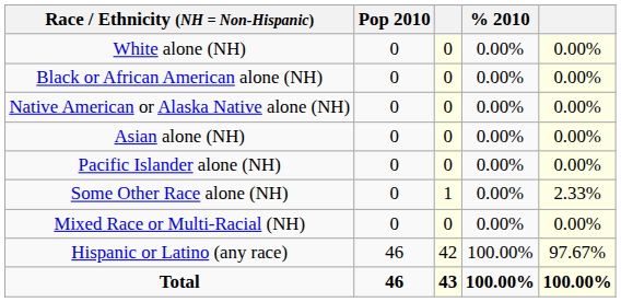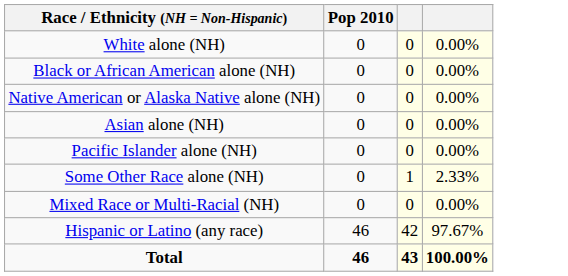 <table class="wikitable" style="text-align:center;">
 <tr>
 <th>Race / Ethnicity <small>(<em>NH = Non-Hispanic</em>)</small></th>
 <th>Pop 2010</th>
 <th></th>
-<th>% 2010</th>
 <th></th>
 </tr>
 <tr>
 <td><a href='#'>White</a> alone (NH)</td>
 <td>0</td>
 <td style='background: #ffffe6;'>0</td>
-<td>0.00%</td>
 <td style='background: #ffffe6;'>0.00%</td>
 </tr>
 <tr>
 <td><a href='#'>Black or African American</a> alone (NH)</td>
 <td>0</td>
 <td style='background: #ffffe6;'>0</td>
-<td>0.00%</td>
 <td style='background: #ffffe6;'>0.00%</td>
 </tr>
 <tr>
 <td><a href='#'>Native American</a> or <a href='#'>Alaska Native</a> alone (NH)</td>
 <td>0</td>
 <td style='background: #ffffe6;'>0</td>
-<td>0.00%</td>
 <td style='background: #ffffe6;'>0.00%</td>
 </tr>
 <tr>
 <td><a href='#'>Asian</a> alone (NH)</td>
 <td>0</td>
 <td style='background: #ffffe6;'>0</td>
-<td>0.00%</td>
 <td style='background: #ffffe6;'>0.00%</td>
 </tr>
 <tr>
 <td><a href='#'>Pacific Islander</a> alone (NH)</td>
 <td>0</td>
 <td style='background: #ffffe6;'>0</td>
-<td>0.00%</td>
 <td style='background: #ffffe6;'>0.00%</td>
 </tr>
 <tr>
 <td><a href='#'>Some Other Race</a> alone (NH)</td>
 <td>0</td>
 <td style='background: #ffffe6;'>1</td>
-<td>0.00%</td>
 <td style='background: #ffffe6;'>2.33%</td>
 </tr>
 <tr>
 <td><a href='#'>Mixed Race or Multi-Racial</a> (NH)</td>
 <td>0</td>
 <td style='background: #ffffe6;'>0</td>
-<td>0.00%</td>
 <td style='background: #ffffe6;'>0.00%</td>
 </tr>
 <tr>
 <td><a href='#'>Hispanic or Latino</a> (any race)</td>
 <td>46</td>
 <td style='background: #ffffe6;'>42</td>
-<td>100.00%</td>
 <td style='background: #ffffe6;'>97.67%</td>
 </tr>
 <tr>
 <td><strong>Total</strong></td>
 <td><strong>46</strong></td>
 <td style='background: #ffffe6;'><strong>43</strong></td>
-<td><strong>100.00%</strong></td>
 <td style='background: #ffffe6;'><strong>100.00%</strong></td>
 </tr>
 </table>
